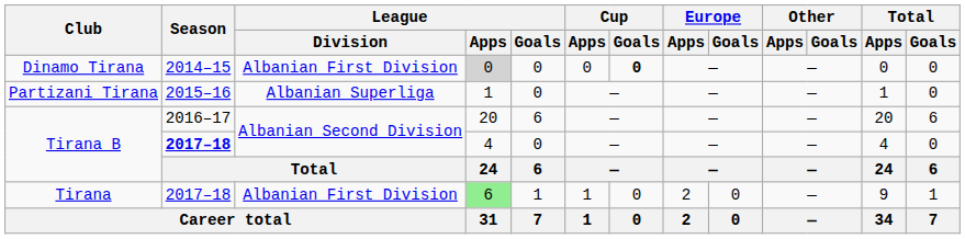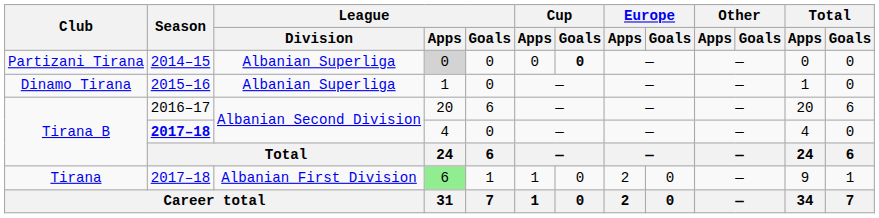 <table class="wikitable" style="text-align:center">
 <tr>
 <th rowspan="2">Club</th>
 <th rowspan="2">Season</th>
 <th colspan="3">League</th>
 <th colspan="2">Cup</th>
 <th colspan="2"><a href='#'>Europe</a></th>
 <th colspan="2">Other</th>
 <th colspan="2">Total</th>
 </tr>
 <tr>
 <th>Division</th>
 <th>Apps</th>
 <th>Goals</th>
 <th>Apps</th>
 <th>Goals</th>
 <th>Apps</th>
 <th>Goals</th>
 <th>Apps</th>
 <th>Goals</th>
 <th>Apps</th>
 <th>Goals</th>
 </tr>
 <tr>
-<td rowspan="1" valign="center"><a href='#'>Dinamo Tirana</a></td>
+<td rowspan="1" valign="center"><a href='#'>Partizani Tirana</a></td>
 <td><a href='#'>2014–15</a></td>
-<td rowspan="1" valign="center"><a href='#'>Albanian First Division</a></td>
+<td rowspan="1" valign="center"><a href='#'>Albanian Superliga</a></td>
 <td style="background: lightgrey;">0</td>
 <td>0</td>
 <td>0</td>
 <td><strong>0</strong></td>
 <td colspan="2">—</td>
 <td colspan="2">—</td>
 <td>0</td>
 <td>0</td>
 </tr>
 <tr>
-<td rowspan="1" valign="center"><a href='#'>Partizani Tirana</a></td>
+<td rowspan="1" valign="center"><a href='#'>Dinamo Tirana</a></td>
 <td><a href='#'>2015–16</a></td>
 <td rowspan="1" valign="center"><a href='#'>Albanian Superliga</a></td>
 <td>1</td>
 <td>0</td>
 <td colspan="2">—</td>
 <td colspan="2">—</td>
 <td colspan="2">—</td>
 <td>1</td>
 <td>0</td>
 </tr>
 <tr>
 <td rowspan="3" valign="center"><a href='#'>Tirana B</a></td>
 <td>2016–17</td>
 <td rowspan="2" valign="center"><a href='#'>Albanian Second Division</a></td>
 <td>20</td>
 <td>6</td>
 <td colspan="2">—</td>
 <td colspan="2">—</td>
 <td colspan="2">—</td>
 <td>20</td>
 <td>6</td>
 </tr>
 <tr>
 <td><strong><a href='#'>2017–18</a></strong></td>
 <td>4</td>
 <td>0</td>
 <td colspan="2">—</td>
 <td colspan="2">—</td>
 <td colspan="2">—</td>
 <td>4</td>
 <td>0</td>
 </tr>
 <tr>
 <th colspan="2" valign="center">Total</th>
 <th>24</th>
 <th>6</th>
 <th colspan="2">—</th>
 <th colspan="2">—</th>
 <th colspan="2">—</th>
 <th>24</th>
 <th>6</th>
 </tr>
 <tr>
 <td rowspan="1" valign="center"><a href='#'>Tirana</a></td>
 <td><a href='#'>2017–18</a></td>
 <td rowspan="1" valign="center"><a href='#'>Albanian First Division</a></td>
 <td style="background: lightgreen;">6</td>
 <td>1</td>
 <td>1</td>
 <td>0</td>
 <td>2</td>
 <td>0</td>
 <td colspan="2">—</td>
 <td>9</td>
 <td>1</td>
 </tr>
 <tr>
 <th colspan="3">Career total</th>
 <th>31</th>
 <th>7</th>
 <th>1</th>
 <th>0</th>
 <th>2</th>
 <th>0</th>
 <th colspan="2">—</th>
 <th>34</th>
 <th>7</th>
 </tr>
 </table>
